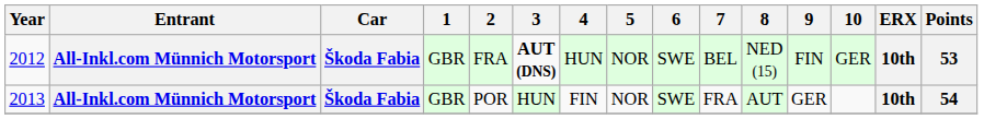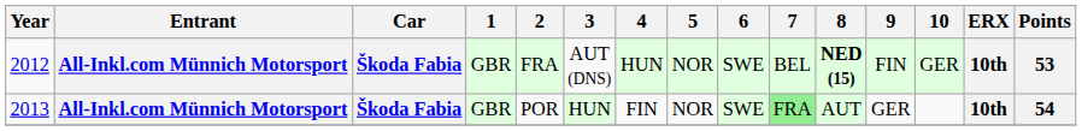 <table class="wikitable" border="1" style="text-align:center; font-size:90%;">
 <tr valign="top">
 <th>Year</th>
 <th>Entrant</th>
 <th>Car</th>
 <th>1</th>
 <th>2</th>
 <th>3</th>
 <th>4</th>
 <th>5</th>
 <th>6</th>
 <th>7</th>
 <th>8</th>
 <th>9</th>
 <th>10</th>
 <th>ERX</th>
 <th>Points</th>
 </tr>
 <tr>
 <td><a href='#'>2012</a></td>
 <th><a href='#'>All-Inkl.com Münnich Motorsport</a></th>
 <th><a href='#'>Škoda Fabia</a></th>
 <td style="background:#DFFFDF;">GBR<br></td>
 <td style="background:#DFFFDF;">FRA<br></td>
-<td><strong>AUT<br><small>(DNS)</small></strong></td>
+<td>AUT<br><small>(DNS)</small></td>
 <td style="background:#DFFFDF;">HUN<br></td>
 <td style="background:#DFFFDF;">NOR<br></td>
 <td style="background:#DFFFDF;">SWE<br></td>
 <td style="background:#DFFFDF;">BEL<br></td>
-<td style="background:#DFFFDF;">NED<br><small>(15)</small></td>
+<td style="background:#DFFFDF;"><strong>NED<br><small>(15)</small></strong></td>
 <td style="background:#DFFFDF;">FIN<br></td>
 <td style="background:#DFFFDF;">GER<br></td>
 <th>10th</th>
 <th>53</th>
 </tr>
 <tr>
 <td><a href='#'>2013</a></td>
 <th><a href='#'>All-Inkl.com Münnich Motorsport</a></th>
 <th><a href='#'>Škoda Fabia</a></th>
 <td style="background:#DFFFDF;">GBR<br></td>
 <td>POR</td>
 <td style="background:#DFFFDF;">HUN<br></td>
 <td>FIN</td>
 <td>NOR</td>
 <td style="background:#DFFFDF;">SWE<br></td>
-<td>FRA</td>
+<td style="background: lightgreen;">FRA</td>
 <td style="background:#DFFFDF;">AUT<br></td>
 <td>GER</td>
 <td></td>
 <th>10th</th>
 <th>54</th>
 </tr>
 <tr>
 </tr>
 </table>
